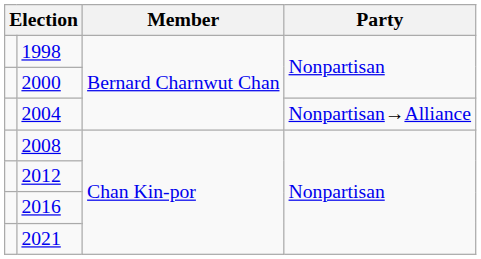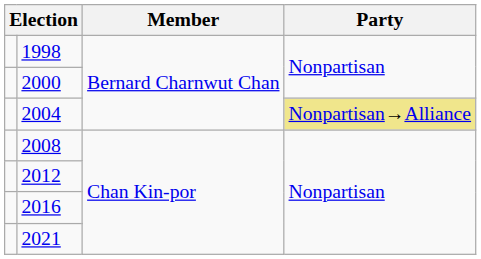 <table class="wikitable">
 <tr>
 <th colspan="2">Election</th>
 <th>Member</th>
 <th>Party</th>
 </tr>
 <tr>
 <td style="background-color: "></td>
 <td><a href='#'>1998</a></td>
 <td rowspan=3><a href='#'>Bernard Charnwut Chan</a></td>
 <td rowspan=2><a href='#'>Nonpartisan</a></td>
 </tr>
 <tr>
 <td style="background-color: "></td>
 <td><a href='#'>2000</a></td>
 </tr>
 <tr>
 <td style="background-color: "></td>
 <td><a href='#'>2004</a></td>
-<td><a href='#'>Nonpartisan</a>→<a href='#'>Alliance</a></td>
+<td style="background: khaki;"><a href='#'>Nonpartisan</a>→<a href='#'>Alliance</a></td>
 </tr>
 <tr>
 <td style="background-color: "></td>
 <td><a href='#'>2008</a></td>
 <td rowspan=4><a href='#'>Chan Kin-por</a></td>
 <td rowspan=4><a href='#'>Nonpartisan</a></td>
 </tr>
 <tr>
 <td style="background-color: "></td>
 <td><a href='#'>2012</a></td>
 </tr>
 <tr>
 <td style="background-color: "></td>
 <td><a href='#'>2016</a></td>
 </tr>
 <tr>
 <td style="background-color: "></td>
 <td><a href='#'>2021</a></td>
 </tr>
 </table>
